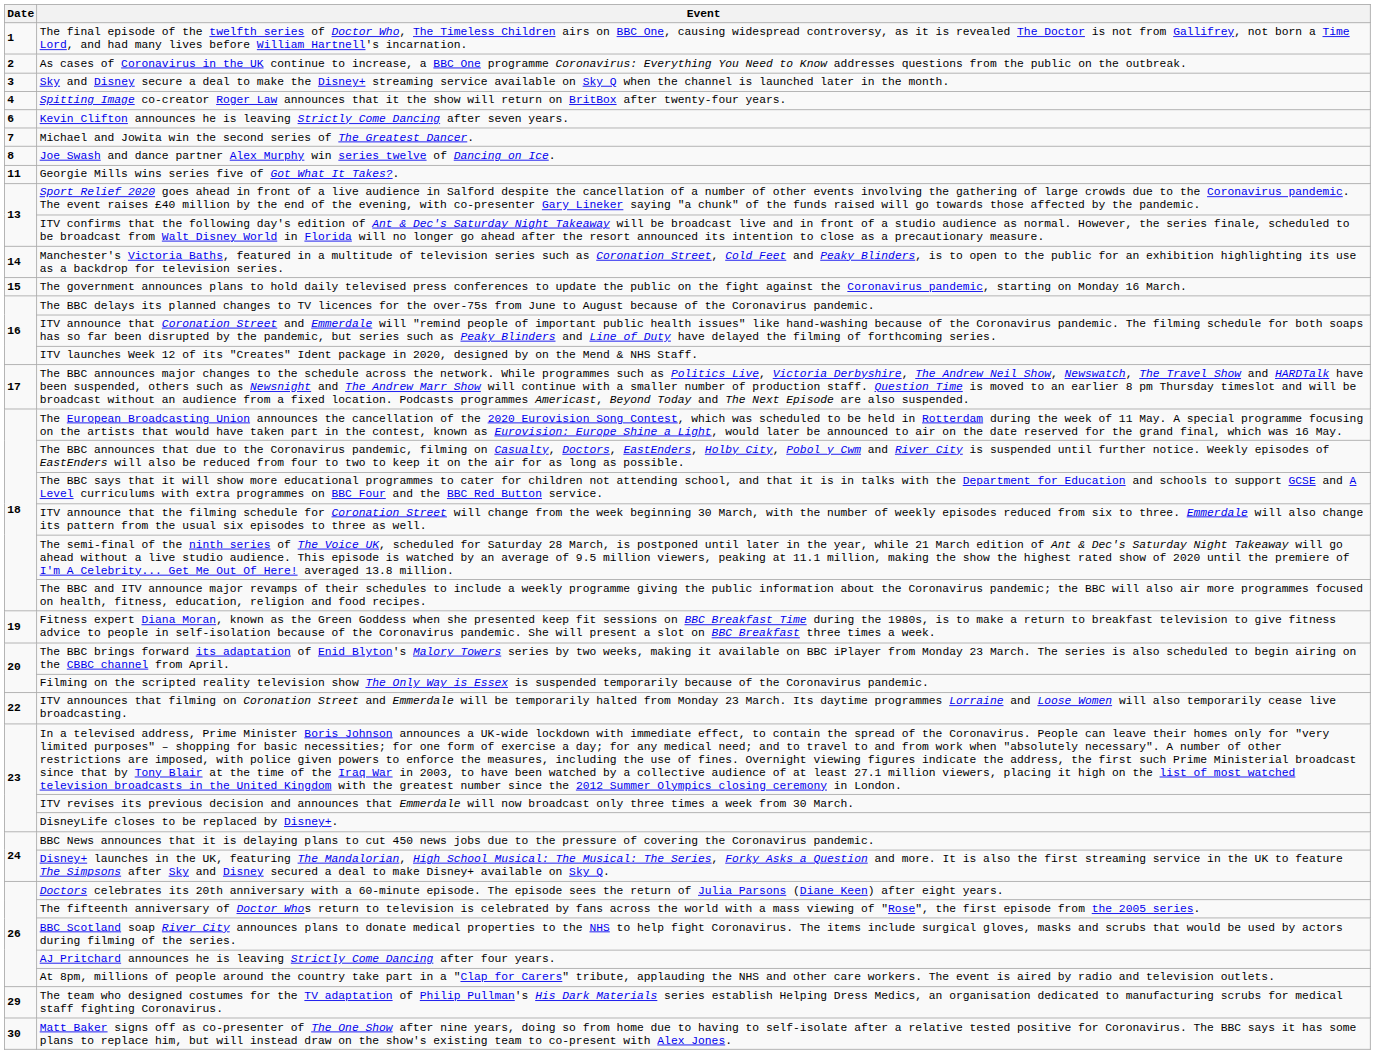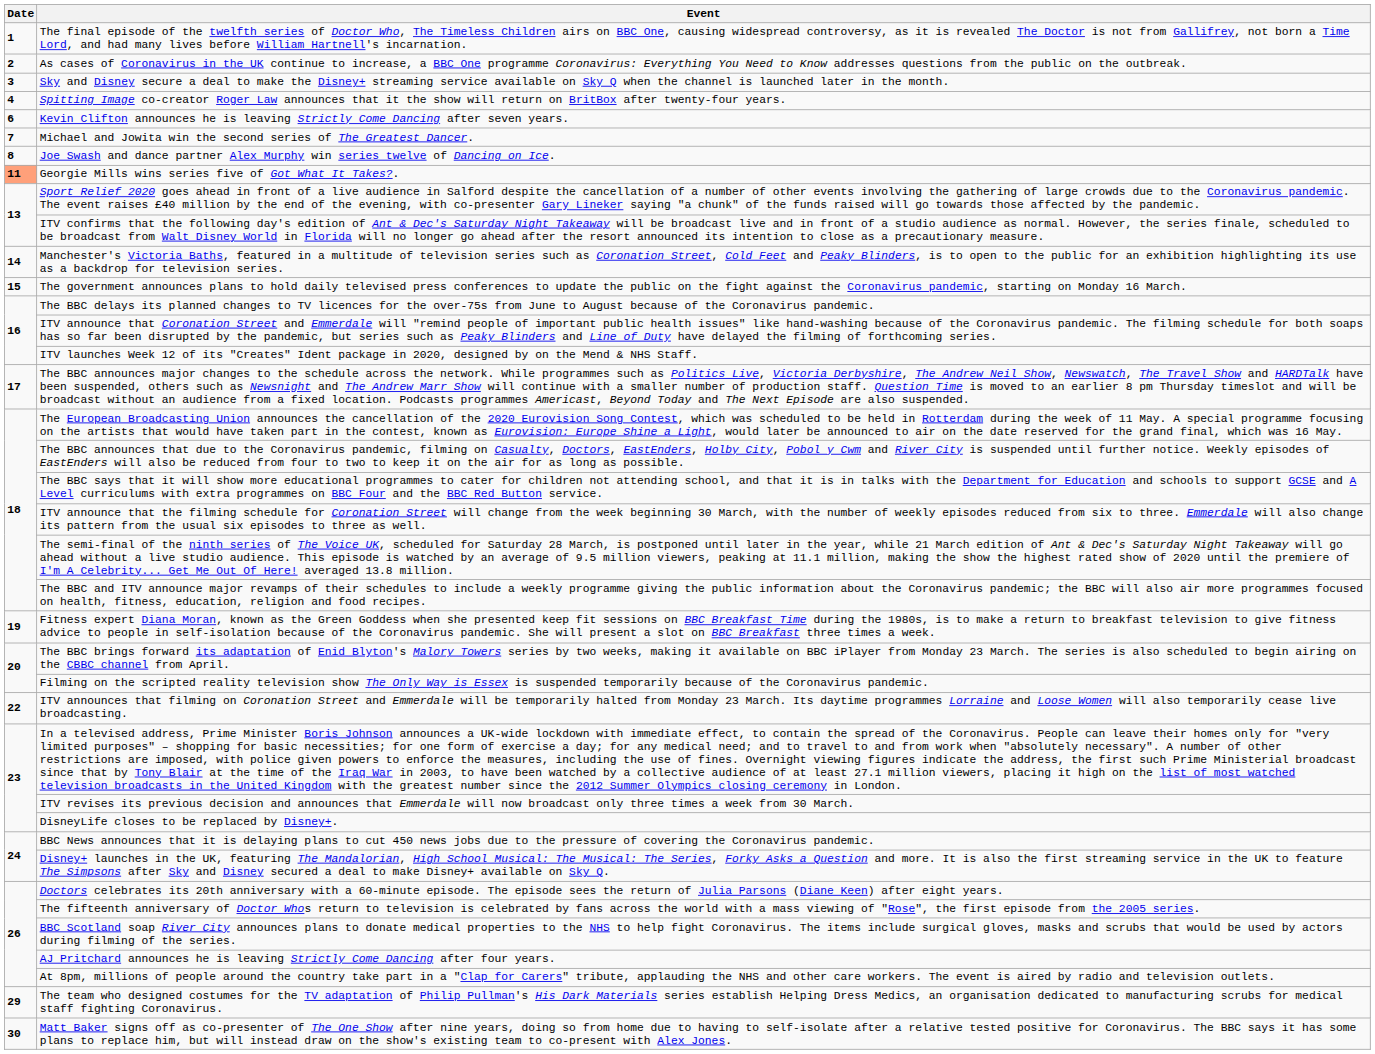 <table class="wikitable">
 <tr>
 <th>Date</th>
 <th>Event</th>
 </tr>
 <tr>
 <td><strong>1</strong></td>
 <td>The final episode of the <a href='#'>twelfth series</a> of <em><a href='#'>Doctor Who</a></em>, <a href='#'>The Timeless Children</a> airs on <a href='#'>BBC One</a>, causing widespread controversy, as it is revealed <a href='#'>The Doctor</a> is not from <a href='#'>Gallifrey</a>, not born a <a href='#'>Time Lord</a>, and had many lives before <a href='#'>William Hartnell</a>'s incarnation.</td>
 </tr>
 <tr>
 <td><strong>2</strong></td>
 <td>As cases of <a href='#'>Coronavirus in the UK</a> continue to increase, a <a href='#'>BBC One</a> programme <em>Coronavirus: Everything You Need to Know</em> addresses questions from the public on the outbreak.</td>
 </tr>
 <tr>
 <td><strong>3</strong></td>
 <td><a href='#'>Sky</a> and <a href='#'>Disney</a> secure a deal to make the <a href='#'>Disney+</a> streaming service available on <a href='#'>Sky Q</a> when the channel is launched later in the month.</td>
 </tr>
 <tr>
 <td><strong>4</strong></td>
 <td><em><a href='#'>Spitting Image</a></em> co-creator <a href='#'>Roger Law</a> announces that it the show will return on <a href='#'>BritBox</a> after twenty-four years.</td>
 </tr>
 <tr>
 <td><strong>6</strong></td>
 <td><a href='#'>Kevin Clifton</a> announces he is leaving <em><a href='#'>Strictly Come Dancing</a></em> after seven years.</td>
 </tr>
 <tr>
 <td><strong>7</strong></td>
 <td>Michael and Jowita win the second series of <em><a href='#'>The Greatest Dancer</a></em>.</td>
 </tr>
 <tr>
 <td><strong>8</strong></td>
 <td><a href='#'>Joe Swash</a> and dance partner <a href='#'>Alex Murphy</a> win <a href='#'>series twelve</a> of <em><a href='#'>Dancing on Ice</a></em>.</td>
 </tr>
 <tr>
-<td><strong>11</strong></td>
+<td style="background: lightsalmon;"><strong>11</strong></td>
 <td>Georgie Mills wins series five of <em><a href='#'>Got What It Takes?</a></em>.</td>
 </tr>
 <tr>
 <td rowspan=2><strong>13</strong></td>
 <td><em><a href='#'>Sport Relief 2020</a></em> goes ahead in front of a live audience in Salford despite the cancellation of a number of other events involving the gathering of large crowds due to the <a href='#'>Coronavirus pandemic</a>. The event raises £40 million by the end of the evening, with co-presenter <a href='#'>Gary Lineker</a> saying "a chunk" of the funds raised will go towards those affected by the pandemic.</td>
 </tr>
 <tr>
 <td>ITV confirms that the following day's edition of <em><a href='#'>Ant & Dec's Saturday Night Takeaway</a></em> will be broadcast live and in front of a studio audience as normal. However, the series finale, scheduled to be broadcast from <a href='#'>Walt Disney World</a> in <a href='#'>Florida</a> will no longer go ahead after the resort announced its intention to close as a precautionary measure.</td>
 </tr>
 <tr>
 <td><strong>14</strong></td>
 <td>Manchester's <a href='#'>Victoria Baths</a>, featured in a multitude of television series such as <em><a href='#'>Coronation Street</a></em>, <em><a href='#'>Cold Feet</a></em> and <em><a href='#'>Peaky Blinders</a></em>, is to open to the public for an exhibition highlighting its use as a backdrop for television series.</td>
 </tr>
 <tr>
 <td><strong>15</strong></td>
 <td>The government announces plans to hold daily televised press conferences to update the public on the fight against the <a href='#'>Coronavirus pandemic</a>, starting on Monday 16 March.</td>
 </tr>
 <tr>
 <td rowspan=3><strong>16</strong></td>
 <td>The BBC delays its planned changes to TV licences for the over-75s from June to August because of the Coronavirus pandemic.</td>
 </tr>
 <tr>
 <td>ITV announce that <em><a href='#'>Coronation Street</a></em> and <em><a href='#'>Emmerdale</a></em> will "remind people of important public health issues" like hand-washing because of the Coronavirus pandemic. The filming schedule for both soaps has so far been disrupted by the pandemic, but series such as <em><a href='#'>Peaky Blinders</a></em> and <em><a href='#'>Line of Duty</a></em> have delayed the filming of forthcoming series.</td>
 </tr>
 <tr>
 <td>ITV launches Week 12 of its "Creates" Ident package in 2020, designed by on the Mend & NHS Staff.</td>
 </tr>
 <tr>
 <td><strong>17</strong></td>
 <td>The BBC announces major changes to the schedule across the network. While programmes such as <em><a href='#'>Politics Live</a></em>, <em><a href='#'>Victoria Derbyshire</a></em>, <em><a href='#'>The Andrew Neil Show</a></em>, <em><a href='#'>Newswatch</a></em>, <em><a href='#'>The Travel Show</a></em> and <em><a href='#'>HARDTalk</a></em> have been suspended, others such as <em><a href='#'>Newsnight</a></em> and <em><a href='#'>The Andrew Marr Show</a></em> will continue with a smaller number of production staff. <em><a href='#'>Question Time</a></em> is moved to an earlier 8 pm Thursday timeslot and will be broadcast without an audience from a fixed location. Podcasts programmes <em>Americast</em>, <em>Beyond Today</em> and <em>The Next Episode</em> are also suspended.</td>
 </tr>
 <tr>
 <td rowspan=6><strong>18</strong></td>
 <td>The <a href='#'>European Broadcasting Union</a> announces the cancellation of the <a href='#'>2020 Eurovision Song Contest</a>, which was scheduled to be held in <a href='#'>Rotterdam</a> during the week of 11 May. A special programme focusing on the artists that would have taken part in the contest, known as <em><a href='#'>Eurovision: Europe Shine a Light</a></em>, would later be announced to air on the date reserved for the grand final, which was 16 May.</td>
 </tr>
 <tr>
 <td>The BBC announces that due to the Coronavirus pandemic, filming on <em><a href='#'>Casualty</a></em>, <em><a href='#'>Doctors</a></em>, <em><a href='#'>EastEnders</a></em>, <em><a href='#'>Holby City</a></em>, <em><a href='#'>Pobol y Cwm</a></em> and <em><a href='#'>River City</a></em> is suspended until further notice. Weekly episodes of <em>EastEnders</em> will also be reduced from four to two to keep it on the air for as long as possible.</td>
 </tr>
 <tr>
 <td>The BBC says that it will show more educational programmes to cater for children not attending school, and that it is in talks with the <a href='#'>Department for Education</a> and schools to support <a href='#'>GCSE</a> and <a href='#'>A Level</a> curriculums with extra programmes on <a href='#'>BBC Four</a> and the <a href='#'>BBC Red Button</a> service.</td>
 </tr>
 <tr>
 <td>ITV announce that the filming schedule for <em><a href='#'>Coronation Street</a></em> will change from the week beginning 30 March, with the number of weekly episodes reduced from six to three. <em><a href='#'>Emmerdale</a></em> will also change its pattern from the usual six episodes to three as well.</td>
 </tr>
 <tr>
 <td>The semi-final of the <a href='#'>ninth series</a> of <em><a href='#'>The Voice UK</a></em>, scheduled for Saturday 28 March, is postponed until later in the year, while 21 March edition of <em>Ant & Dec's Saturday Night Takeaway</em> will go ahead without a live studio audience. This episode is watched by an average of 9.5 million viewers, peaking at 11.1 million, making the show the highest rated show of 2020 until the premiere of <a href='#'>I'm A Celebrity... Get Me Out Of Here!</a> averaged 13.8 million.</td>
 </tr>
 <tr>
 <td>The BBC and ITV announce major revamps of their schedules to include a weekly programme giving the public information about the Coronavirus pandemic; the BBC will also air more programmes focused on health, fitness, education, religion and food recipes.</td>
 </tr>
 <tr>
 <td><strong>19</strong></td>
 <td>Fitness expert <a href='#'>Diana Moran</a>, known as the Green Goddess when she presented keep fit sessions on <em><a href='#'>BBC Breakfast Time</a></em> during the 1980s, is to make a return to breakfast television to give fitness advice to people in self-isolation because of the Coronavirus pandemic. She will present a slot on <em><a href='#'>BBC Breakfast</a></em> three times a week.</td>
 </tr>
 <tr>
 <td rowspan=2><strong>20</strong></td>
 <td>The BBC brings forward <a href='#'>its adaptation</a> of <a href='#'>Enid Blyton</a>'s <em><a href='#'>Malory Towers</a></em> series by two weeks, making it available on BBC iPlayer from Monday 23 March. The series is also scheduled to begin airing on the <a href='#'>CBBC channel</a> from April.</td>
 </tr>
 <tr>
 <td>Filming on the scripted reality television show <em><a href='#'>The Only Way is Essex</a></em> is suspended temporarily because of the Coronavirus pandemic.</td>
 </tr>
 <tr>
 <td><strong>22</strong></td>
 <td>ITV announces that filming on <em>Coronation Street</em> and <em>Emmerdale</em> will be temporarily halted from Monday 23 March. Its daytime programmes <em><a href='#'>Lorraine</a></em> and <em><a href='#'>Loose Women</a></em> will also temporarily cease live broadcasting.</td>
 </tr>
 <tr>
 <td rowspan=3><strong>23</strong></td>
 <td>In a televised address, Prime Minister <a href='#'>Boris Johnson</a> announces a UK-wide lockdown with immediate effect, to contain the spread of the Coronavirus. People can leave their homes only for "very limited purposes" – shopping for basic necessities; for one form of exercise a day; for any medical need; and to travel to and from work when "absolutely necessary". A number of other restrictions are imposed, with police given powers to enforce the measures, including the use of fines. Overnight viewing figures indicate the address, the first such Prime Ministerial broadcast since that by <a href='#'>Tony Blair</a> at the time of the <a href='#'>Iraq War</a> in 2003, to have been watched by a collective audience of at least 27.1 million viewers, placing it high on the <a href='#'>list of most watched television broadcasts in the United Kingdom</a> with the greatest number since the <a href='#'>2012 Summer Olympics closing ceremony</a> in London.</td>
 </tr>
 <tr>
 <td>ITV revises its previous decision and announces that <em>Emmerdale</em> will now broadcast only three times a week from 30 March.</td>
 </tr>
 <tr>
 <td>DisneyLife closes to be replaced by <a href='#'>Disney+</a>.</td>
 </tr>
 <tr>
 <td rowspan=2><strong>24</strong></td>
 <td>BBC News announces that it is delaying plans to cut 450 news jobs due to the pressure of covering the Coronavirus pandemic.</td>
 </tr>
 <tr>
 <td><a href='#'>Disney+</a> launches in the UK, featuring <em><a href='#'>The Mandalorian</a></em>, <em><a href='#'>High School Musical: The Musical: The Series</a></em>, <em><a href='#'>Forky Asks a Question</a></em> and more. It is also the first streaming service in the UK to feature <em><a href='#'>The Simpsons</a></em> after <a href='#'>Sky</a> and <a href='#'>Disney</a> secured a deal to make Disney+ available on <a href='#'>Sky Q</a>.</td>
 </tr>
 <tr>
 <td rowspan=5><strong>26</strong></td>
 <td><em><a href='#'>Doctors</a></em> celebrates its 20th anniversary with a 60-minute episode. The episode sees the return of <a href='#'>Julia Parsons</a> (<a href='#'>Diane Keen</a>) after eight years.</td>
 </tr>
 <tr>
 <td>The fifteenth anniversary of <em><a href='#'>Doctor Who</a></em>s return to television is celebrated by fans across the world with a mass viewing of "<a href='#'>Rose</a>", the first episode from <a href='#'>the 2005 series</a>.</td>
 </tr>
 <tr>
 <td><a href='#'>BBC Scotland</a> soap <em><a href='#'>River City</a></em> announces plans to donate medical properties to the <a href='#'>NHS</a> to help fight Coronavirus. The items include surgical gloves, masks and scrubs that would be used by actors during filming of the series.</td>
 </tr>
 <tr>
 <td><a href='#'>AJ Pritchard</a> announces he is leaving <em><a href='#'>Strictly Come Dancing</a></em> after four years.</td>
 </tr>
 <tr>
 <td>At 8pm, millions of people around the country take part in a "<a href='#'>Clap for Carers</a>" tribute, applauding the NHS and other care workers. The event is aired by radio and television outlets.</td>
 </tr>
 <tr>
 <td><strong>29</strong></td>
 <td>The team who designed costumes for the <a href='#'>TV adaptation</a> of <a href='#'>Philip Pullman</a>'s <em><a href='#'>His Dark Materials</a></em> series establish Helping Dress Medics, an organisation dedicated to manufacturing scrubs for medical staff fighting Coronavirus.</td>
 </tr>
 <tr>
 <td><strong>30</strong></td>
 <td><a href='#'>Matt Baker</a> signs off as co-presenter of <em><a href='#'>The One Show</a></em> after nine years, doing so from home due to having to self-isolate after a relative tested positive for Coronavirus. The BBC says it has some plans to replace him, but will instead draw on the show's existing team to co-present with <a href='#'>Alex Jones</a>.</td>
 </tr>
 </table>
